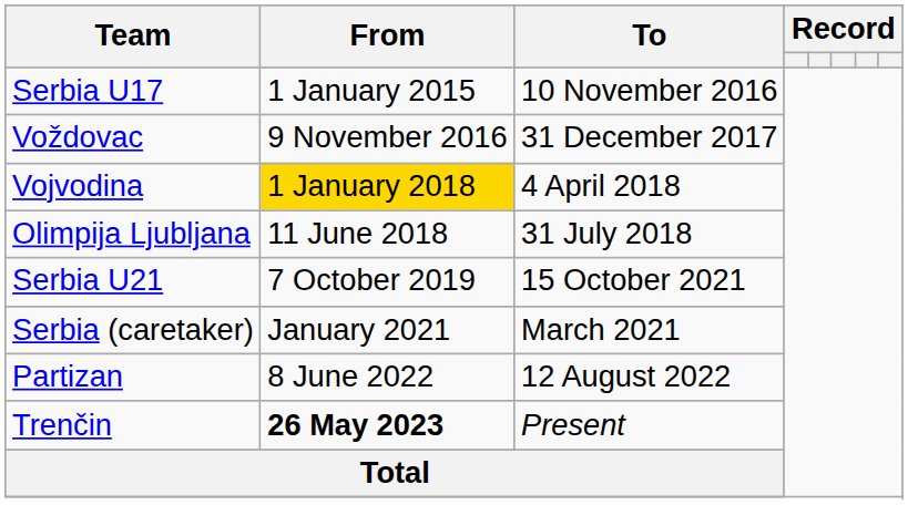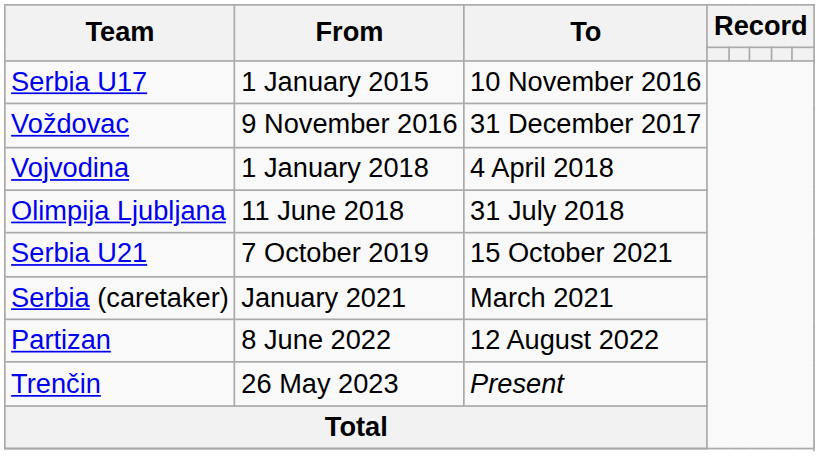 <table class=wikitable style="text-align: center">
 <tr>
 <th rowspan=2>Team</th>
 <th rowspan=2>From</th>
 <th rowspan=2>To</th>
 <th colspan=5>Record</th>
 </tr>
 <tr>
 <th></th>
 <th></th>
 <th></th>
 <th></th>
 <th></th>
 </tr>
 <tr>
 <td align=left><a href='#'>Serbia U17</a></td>
 <td align=left>1 January 2015</td>
 <td align=left>10 November 2016<br></td>
 </tr>
 <tr>
 <td align=left><a href='#'>Voždovac</a></td>
 <td align=left>9 November 2016</td>
 <td align=left>31 December 2017<br></td>
 </tr>
 <tr>
 <td align=left><a href='#'>Vojvodina</a></td>
-<td align=left style="background: gold;">1 January 2018</td>
+<td align=left>1 January 2018</td>
 <td align=left>4 April 2018<br></td>
 </tr>
 <tr>
 <td align=left><a href='#'>Olimpija Ljubljana</a></td>
 <td align=left>11 June 2018</td>
 <td align=left>31 July 2018<br></td>
 </tr>
 <tr>
 <td align=left><a href='#'>Serbia U21</a></td>
 <td align=left>7 October 2019</td>
 <td align=left>15 October 2021<br></td>
 </tr>
 <tr>
 <td align=left><a href='#'>Serbia</a> (caretaker)</td>
 <td align=left>January 2021</td>
 <td align=left>March 2021<br></td>
 </tr>
 <tr>
 <td align=left><a href='#'>Partizan</a></td>
 <td align=left>8 June 2022</td>
 <td align=left>12 August 2022<br></td>
 </tr>
 <tr>
 <td align=left><a href='#'>Trenčin</a></td>
-<td align=left><strong>26 May 2023</strong></td>
+<td align=left>26 May 2023</td>
 <td align=left><em>Present</em><br></td>
 </tr>
 <tr>
 <th colspan=3>Total<br></th>
 </tr>
 <tr>
 </tr>
 </table>
